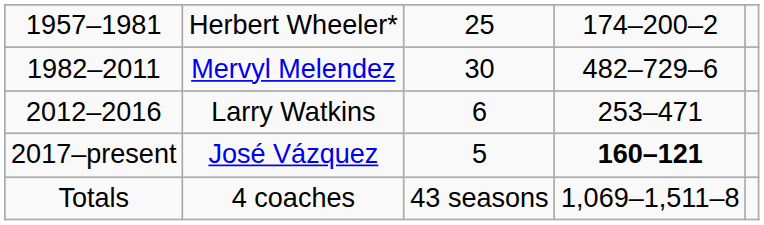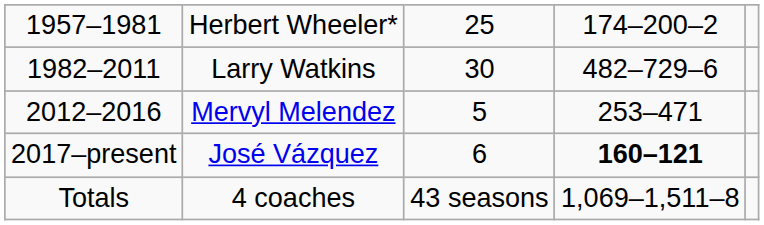 <table class="wikitable" style="text-align:center">
 <tr>
 <td>1957–1981</td>
 <td>Herbert Wheeler*</td>
 <td>25</td>
 <td>174–200–2</td>
 <td></td>
 </tr>
 <tr>
 <td>1982–2011</td>
-<td><a href='#'>Mervyl Melendez</a></td>
+<td>Larry Watkins</td>
 <td>30</td>
 <td>482–729–6</td>
 <td></td>
 </tr>
 <tr>
 <td>2012–2016</td>
-<td>Larry Watkins</td>
-<td>6</td>
+<td><a href='#'>Mervyl Melendez</a></td>
+<td>5</td>
 <td>253–471</td>
 <td></td>
 </tr>
 <tr>
 <td>2017–present</td>
 <td><a href='#'>José Vázquez</a></td>
-<td>5</td>
+<td>6</td>
 <td><strong>160–121</strong></td>
 <td></td>
 </tr>
 <tr class="sortbottom">
 <td>Totals</td>
 <td>4 coaches</td>
 <td>43 seasons</td>
 <td>1,069–1,511–8</td>
 <td></td>
 </tr>
 </table>
